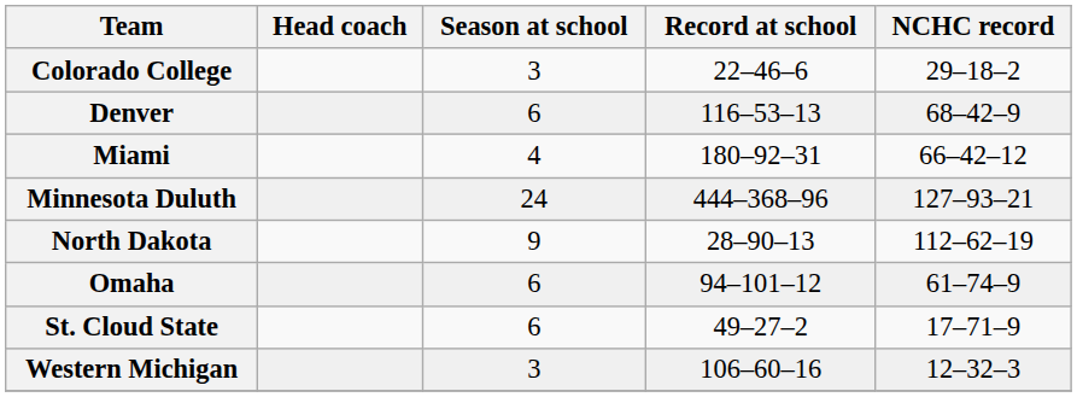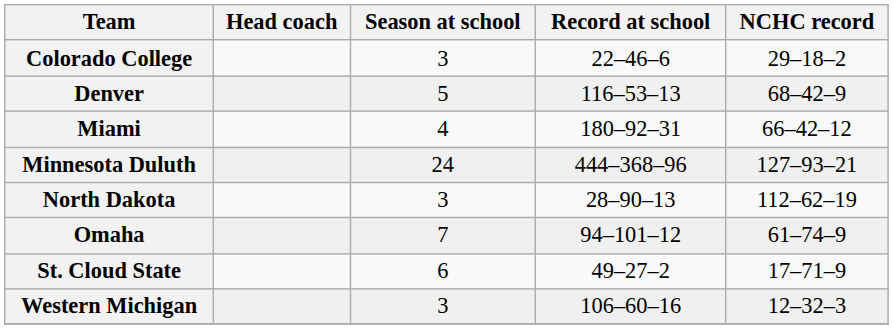 <table class="wikitable sortable" style="text-align: center; "width=50%">
 <tr>
 <th>Team</th>
 <th>Head coach</th>
 <th>Season at school</th>
 <th>Record at school</th>
 <th>NCHC record</th>
 </tr>
 <tr>
 <th>Colorado College</th>
 <td></td>
 <td>3</td>
 <td>22–46–6</td>
 <td>29–18–2</td>
 </tr>
 <tr bgcolor=f0f0f0>
 <th>Denver</th>
 <td></td>
-<td>6</td>
+<td>5</td>
 <td>116–53–13</td>
 <td>68–42–9</td>
 </tr>
 <tr>
 <th>Miami</th>
 <td></td>
 <td>4</td>
 <td>180–92–31</td>
 <td>66–42–12</td>
 </tr>
 <tr bgcolor=f0f0f0>
 <th>Minnesota Duluth</th>
 <td></td>
 <td>24</td>
 <td>444–368–96</td>
 <td>127–93–21</td>
 </tr>
 <tr>
 <th>North Dakota</th>
 <td></td>
-<td>9</td>
+<td>3</td>
 <td>28–90–13</td>
 <td>112–62–19</td>
 </tr>
 <tr bgcolor=f0f0f0>
 <th>Omaha</th>
 <td></td>
-<td>6</td>
+<td>7</td>
 <td>94–101–12</td>
 <td>61–74–9</td>
 </tr>
 <tr>
 <th>St. Cloud State</th>
 <td></td>
 <td>6</td>
 <td>49–27–2</td>
 <td>17–71–9</td>
 </tr>
 <tr bgcolor=f0f0f0>
 <th>Western Michigan</th>
 <td></td>
 <td>3</td>
 <td>106–60–16</td>
 <td>12–32–3</td>
 </tr>
 <tr>
 </tr>
 </table>
